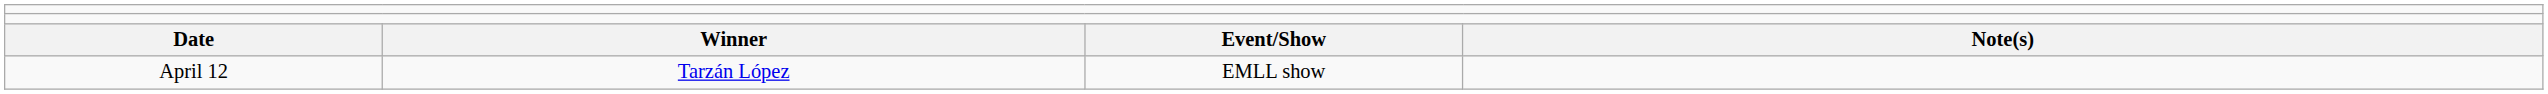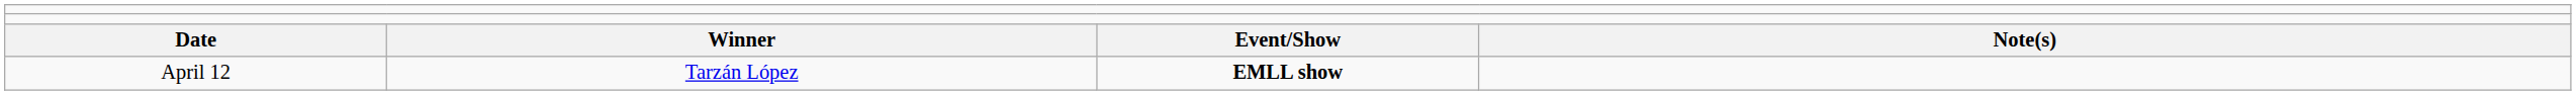 <table class="wikitable" style="text-align:center; width:100%;">
 <tr>
 <td colspan=5></td>
 </tr>
 <tr>
 <td colspan=5><strong></strong></td>
 </tr>
 <tr>
 <th width=14%>Date</th>
 <th width=26%>Winner</th>
 <th width=14%>Event/Show</th>
 <th width=40%>Note(s)</th>
 </tr>
 <tr>
 <td>April 12</td>
 <td><a href='#'>Tarzán López</a></td>
-<td>EMLL show</td>
+<td><strong>EMLL show</strong></td>
 <td align=left></td>
 </tr>
 </table>
